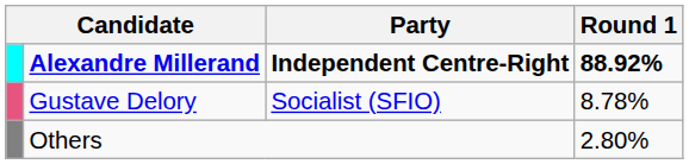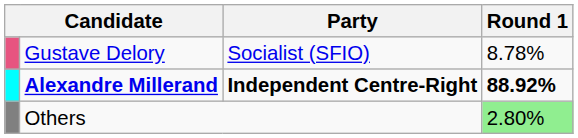 <table class="wikitable" style="font-size: 95%">
 <tr>
 <th colspan=2>Candidate</th>
 <th>Party</th>
 <th>Round 1</th>
+</tr>
+<tr>
+<td bgcolor="#E75480"> </td>
+<td><a href='#'>Gustave Delory</a></td>
+<td><a href='#'>Socialist (SFIO)</a></td>
+<td>8.78%</td>
 </tr>
 <tr>
 <td bgcolor="cyan"> </td>
 <td><strong><a href='#'>Alexandre Millerand</a></strong></td>
 <td><strong>Independent Centre-Right</strong></td>
 <td><strong>88.92%</strong></td>
 </tr>
 <tr>
-<td bgcolor="#E75480"> </td>
-<td><a href='#'>Gustave Delory</a></td>
-<td><a href='#'>Socialist (SFIO)</a></td>
-<td>8.78%</td>
-</tr>
-<tr>
 <td bgcolor="gray"> </td>
 <td colspan="2">Others</td>
-<td>2.80%</td>
+<td style="background: lightgreen;">2.80%</td>
 </tr>
 </table>
